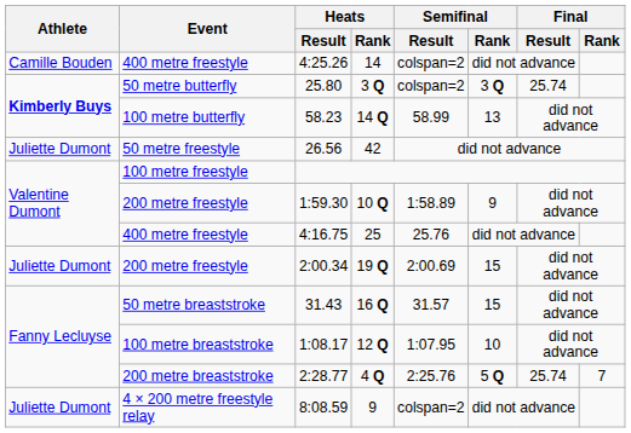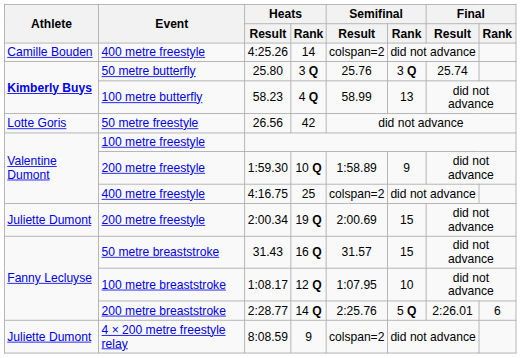 <table class="wikitable" border="1" style="font-size:90%; text-align:center">
 <tr>
 <th rowspan="2">Athlete</th>
 <th rowspan="2">Event</th>
 <th colspan="2">Heats</th>
 <th colspan="2">Semifinal</th>
 <th colspan="2">Final</th>
 </tr>
 <tr>
 <th>Result</th>
 <th>Rank</th>
 <th>Result</th>
 <th>Rank</th>
 <th>Result</th>
 <th>Rank</th>
 </tr>
 <tr>
 <td align="left"><a href='#'>Camille Bouden</a></td>
 <td align="left"><a href='#'>400 metre freestyle</a></td>
 <td>4:25.26</td>
 <td>14</td>
 <td>colspan=2</td>
 <td colspan=2>did not advance</td>
 </tr>
 <tr>
 <td align="left" rowspan=2><strong><a href='#'>Kimberly Buys</a></strong></td>
 <td align="left"><a href='#'>50 metre butterfly</a></td>
 <td>25.80</td>
 <td>3 <strong>Q</strong></td>
-<td>colspan=2</td>
+<td>25.76</td>
 <td>3 <strong>Q</strong></td>
 <td>25.74</td>
 <td></td>
 </tr>
 <tr>
 <td align="left"><a href='#'>100 metre butterfly</a></td>
 <td>58.23</td>
-<td>14 <strong>Q</strong></td>
+<td>4 <strong>Q</strong></td>
 <td>58.99</td>
 <td>13</td>
 <td colspan=2>did not advance</td>
 </tr>
 <tr>
-<td align="left"><a href='#'>Juliette Dumont</a></td>
+<td align="left"><a href='#'>Lotte Goris</a></td>
 <td align="left"><a href='#'>50 metre freestyle</a></td>
 <td>26.56</td>
 <td>42</td>
 <td colspan=4>did not advance</td>
 </tr>
 <tr>
 <td align="left" rowspan=3><a href='#'>Valentine Dumont</a></td>
 <td align="left"><a href='#'>100 metre freestyle</a></td>
 <td colspan=6></td>
 </tr>
 <tr>
 <td align="left"><a href='#'>200 metre freestyle</a></td>
 <td>1:59.30</td>
 <td>10 <strong>Q</strong></td>
 <td>1:58.89</td>
 <td>9</td>
 <td colspan=4>did not advance</td>
 </tr>
 <tr>
 <td align="left"><a href='#'>400 metre freestyle</a></td>
 <td>4:16.75</td>
 <td>25</td>
-<td>25.76</td>
+<td>colspan=2</td>
 <td colspan=2>did not advance</td>
 </tr>
 <tr>
 <td align="left"><a href='#'>Juliette Dumont</a></td>
 <td align="left"><a href='#'>200 metre freestyle</a></td>
 <td>2:00.34</td>
 <td>19 <strong>Q</strong></td>
 <td>2:00.69</td>
 <td>15</td>
 <td colspan=2>did not advance</td>
 </tr>
 <tr>
 <td align="left" rowspan=3><a href='#'>Fanny Lecluyse</a></td>
 <td align="left"><a href='#'>50 metre breaststroke</a></td>
 <td>31.43</td>
 <td>16 <strong>Q</strong></td>
 <td>31.57</td>
 <td>15</td>
 <td colspan=2>did not advance</td>
 </tr>
 <tr>
 <td align="left"><a href='#'>100 metre breaststroke</a></td>
 <td>1:08.17</td>
 <td>12 <strong>Q</strong></td>
 <td>1:07.95</td>
 <td>10</td>
 <td colspan=2>did not advance</td>
 </tr>
 <tr>
 <td align="left"><a href='#'>200 metre breaststroke</a></td>
 <td>2:28.77</td>
-<td>4 <strong>Q</strong></td>
+<td>14 <strong>Q</strong></td>
 <td>2:25.76</td>
 <td>5 <strong>Q</strong></td>
-<td>25.74</td>
-<td>7</td>
+<td>2:26.01</td>
+<td>6</td>
 </tr>
 <tr>
 <td align="left"><a href='#'>Juliette Dumont</a></td>
 <td align="left"><a href='#'>4 × 200 metre freestyle relay</a></td>
 <td>8:08.59</td>
 <td>9</td>
 <td>colspan=2</td>
 <td colspan=2>did not advance</td>
 </tr>
 </table>
